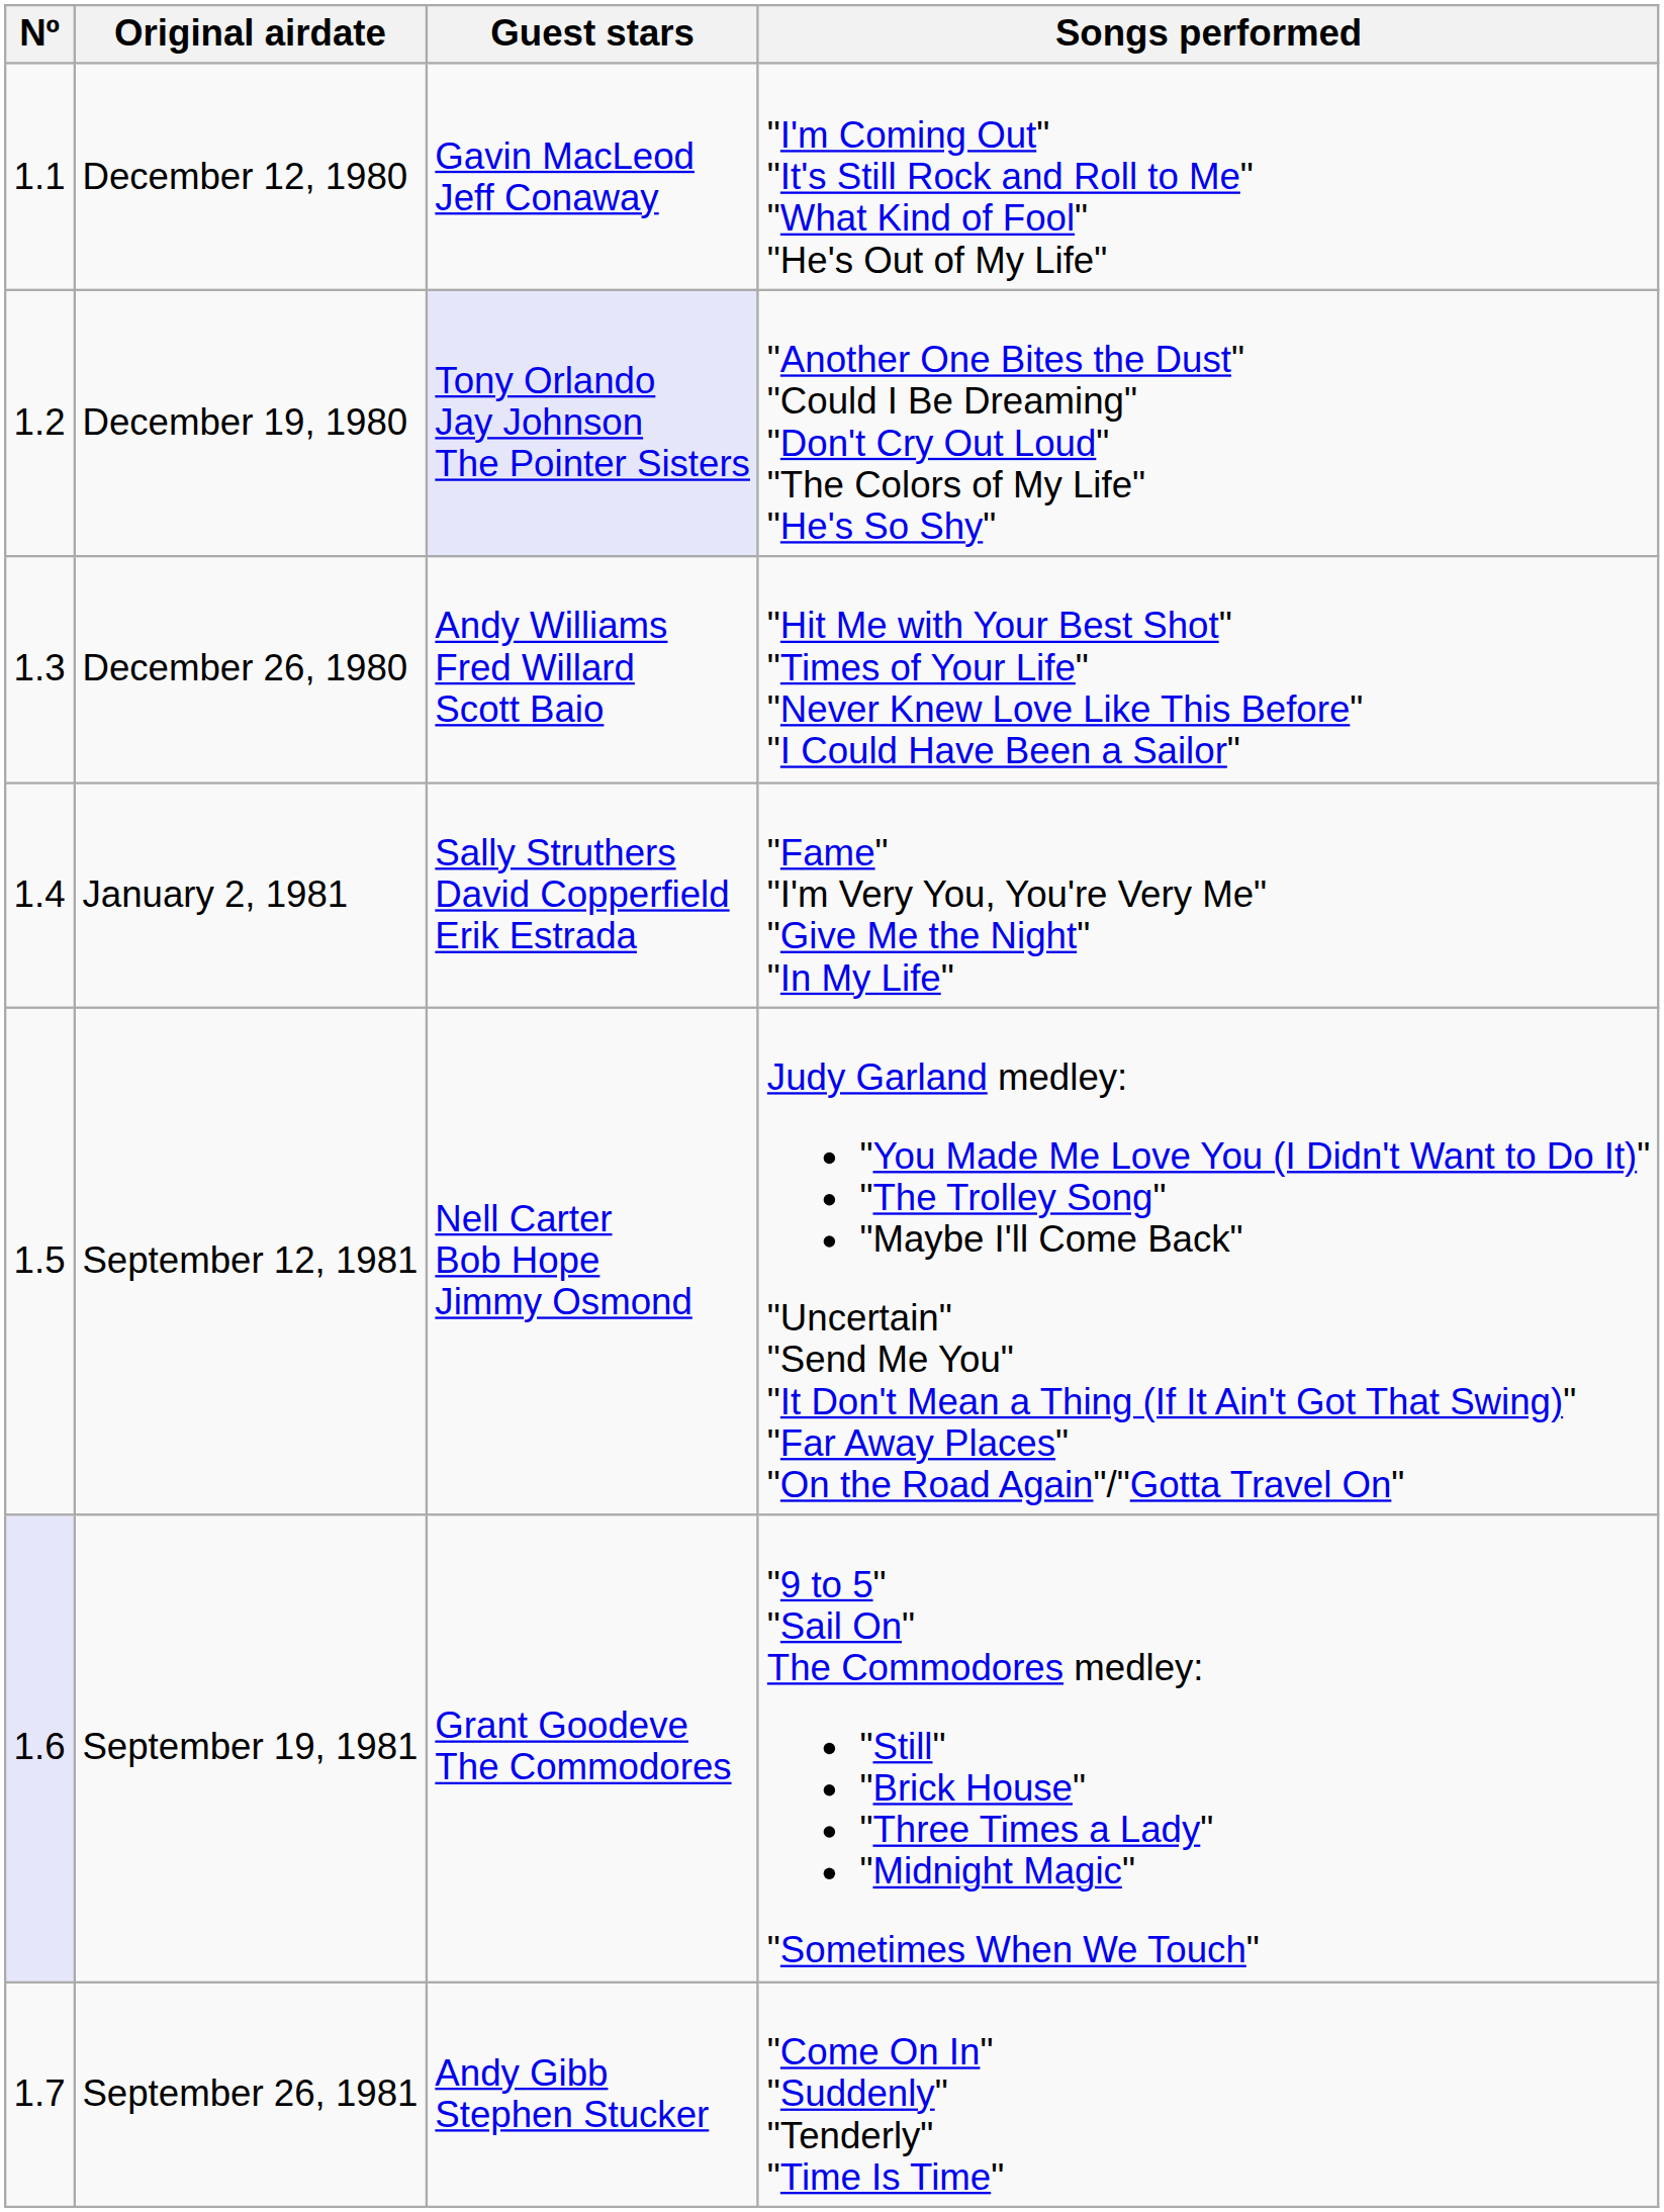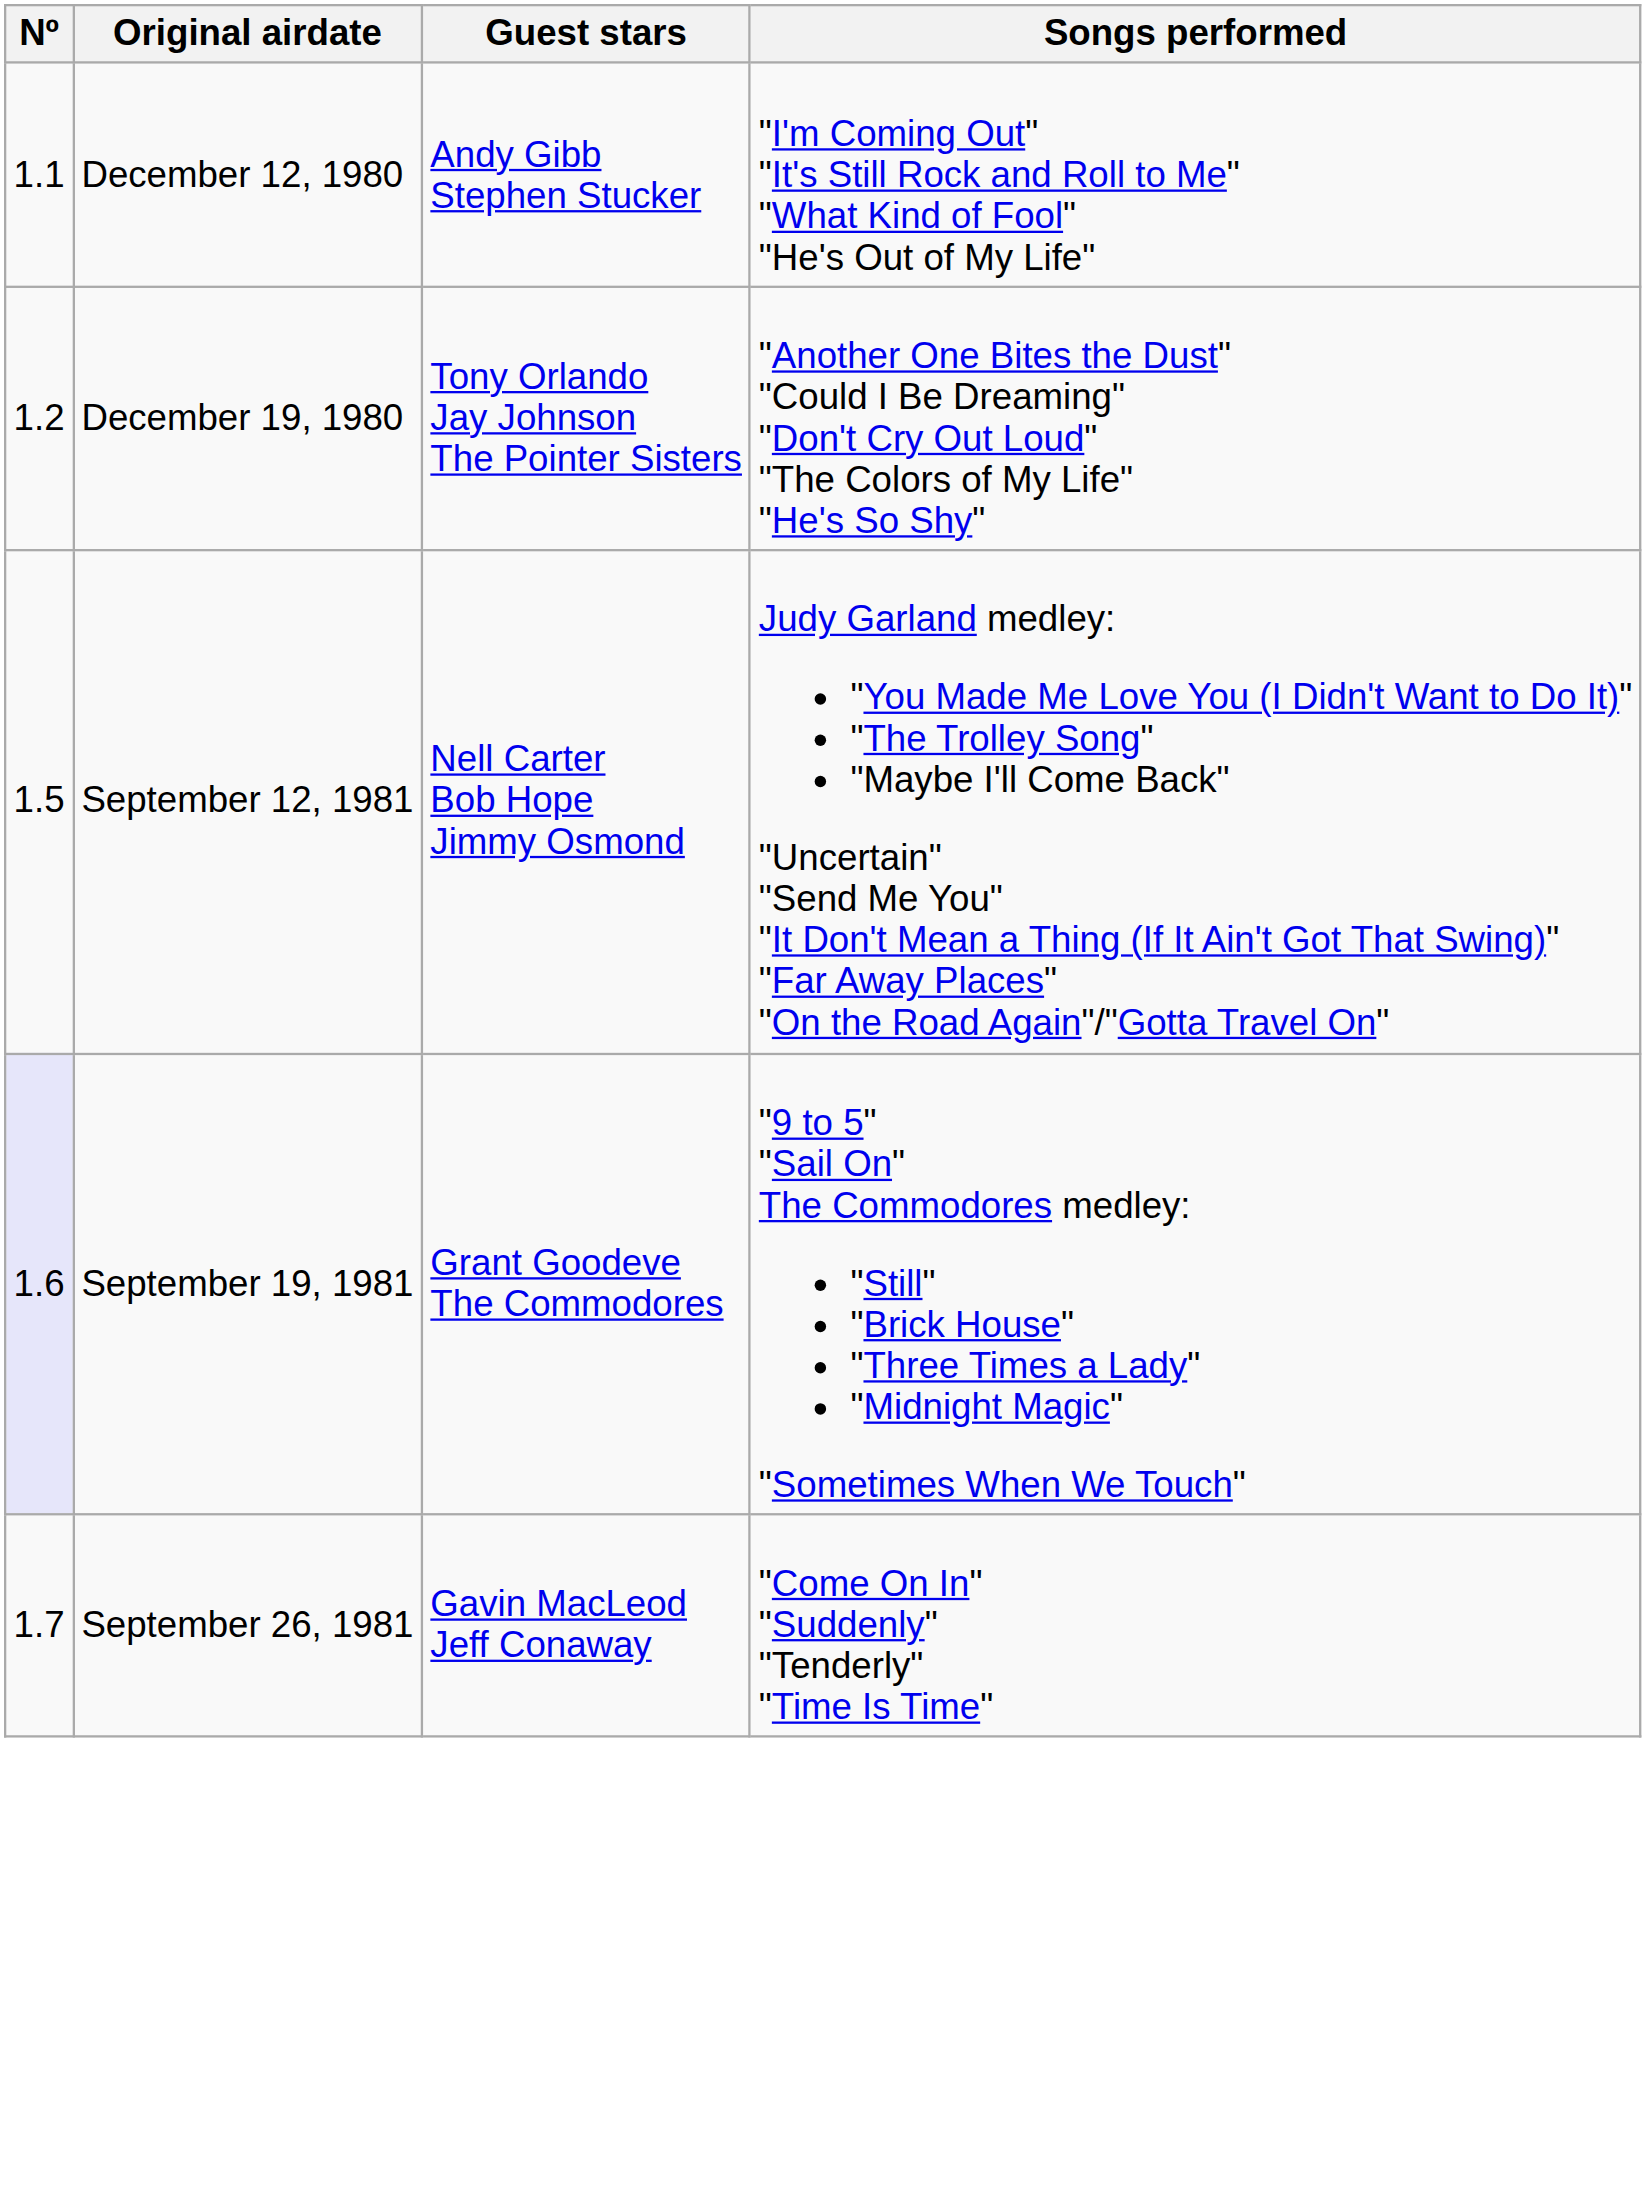 <table class="wikitable">
 <tr valign="top">
 <th>Nº</th>
 <th>Original airdate</th>
 <th>Guest stars</th>
 <th>Songs performed</th>
 </tr>
 <tr>
 <td>1.1</td>
 <td>December 12, 1980</td>
-<td><a href='#'>Gavin MacLeod</a><br><a href='#'>Jeff Conaway</a></td>
+<td><a href='#'>Andy Gibb</a><br><a href='#'>Stephen Stucker</a></td>
 <td><br>"<a href='#'>I'm Coming Out</a>"<br> "<a href='#'>It's Still Rock and Roll to Me</a>"<br> "<a href='#'>What Kind of Fool</a>"<br> "He's Out of My Life"</td>
 </tr>
 <tr>
 <td>1.2</td>
 <td>December 19, 1980</td>
-<td style="background: lavender;"><a href='#'>Tony Orlando</a><br><a href='#'>Jay Johnson</a><br><a href='#'>The Pointer Sisters</a></td>
+<td><a href='#'>Tony Orlando</a><br><a href='#'>Jay Johnson</a><br><a href='#'>The Pointer Sisters</a></td>
 <td><br>"<a href='#'>Another One Bites the Dust</a>"<br> "Could I Be Dreaming"<br> "<a href='#'>Don't Cry Out Loud</a>"<br> "The Colors of My Life"<br> "<a href='#'>He's So Shy</a>"</td>
-</tr>
-<tr>
-<td>1.3</td>
-<td>December 26, 1980</td>
-<td><a href='#'>Andy Williams</a><br><a href='#'>Fred Willard</a><br><a href='#'>Scott Baio</a></td>
-<td><br>"<a href='#'>Hit Me with Your Best Shot</a>"<br> "<a href='#'>Times of Your Life</a>"<br> "<a href='#'>Never Knew Love Like This Before</a>"<br> "<a href='#'>I Could Have Been a Sailor</a>"<br></td>
-</tr>
-<tr>
-<td>1.4</td>
-<td>January 2, 1981</td>
-<td><a href='#'>Sally Struthers</a><br><a href='#'>David Copperfield</a><br><a href='#'>Erik Estrada</a></td>
-<td><br>"<a href='#'>Fame</a>"<br> "I'm Very You, You're Very Me"<br> "<a href='#'>Give Me the Night</a>"<br> "<a href='#'>In My Life</a>"</td>
 </tr>
 <tr>
 <td>1.5</td>
 <td>September 12, 1981</td>
 <td><a href='#'>Nell Carter</a><br><a href='#'>Bob Hope</a><br><a href='#'>Jimmy Osmond</a></td>
 <td><br><a href='#'>Judy Garland</a> medley:<ul><li>"<a href='#'>You Made Me Love You (I Didn't Want to Do It)</a>"</li><li>"<a href='#'>The Trolley Song</a>"</li><li>"Maybe I'll Come Back"</li></ul>"Uncertain"<br> "Send Me You"<br> "<a href='#'>It Don't Mean a Thing (If It Ain't Got That Swing)</a>"<br> "<a href='#'>Far Away Places</a>"<br> "<a href='#'>On the Road Again</a>"/"<a href='#'>Gotta Travel On</a>"</td>
 </tr>
 <tr>
 <td style="background: lavender;">1.6</td>
 <td>September 19, 1981</td>
 <td><a href='#'>Grant Goodeve</a><br><a href='#'>The Commodores</a></td>
 <td><br>"<a href='#'>9 to 5</a>"<br> "<a href='#'>Sail On</a>"<br> <a href='#'>The Commodores</a> medley:<ul><li>"<a href='#'>Still</a>"</li><li>"<a href='#'>Brick House</a>"</li><li>"<a href='#'>Three Times a Lady</a>"</li><li>"<a href='#'>Midnight Magic</a>"</li></ul>"<a href='#'>Sometimes When We Touch</a>"</td>
 </tr>
 <tr>
 <td>1.7</td>
 <td>September 26, 1981</td>
-<td><a href='#'>Andy Gibb</a><br><a href='#'>Stephen Stucker</a></td>
+<td><a href='#'>Gavin MacLeod</a><br><a href='#'>Jeff Conaway</a></td>
 <td><br>"<a href='#'>Come On In</a>"<br> "<a href='#'>Suddenly</a>"<br> "Tenderly"<br> "<a href='#'>Time Is Time</a>"</td>
 </tr>
 </table>
